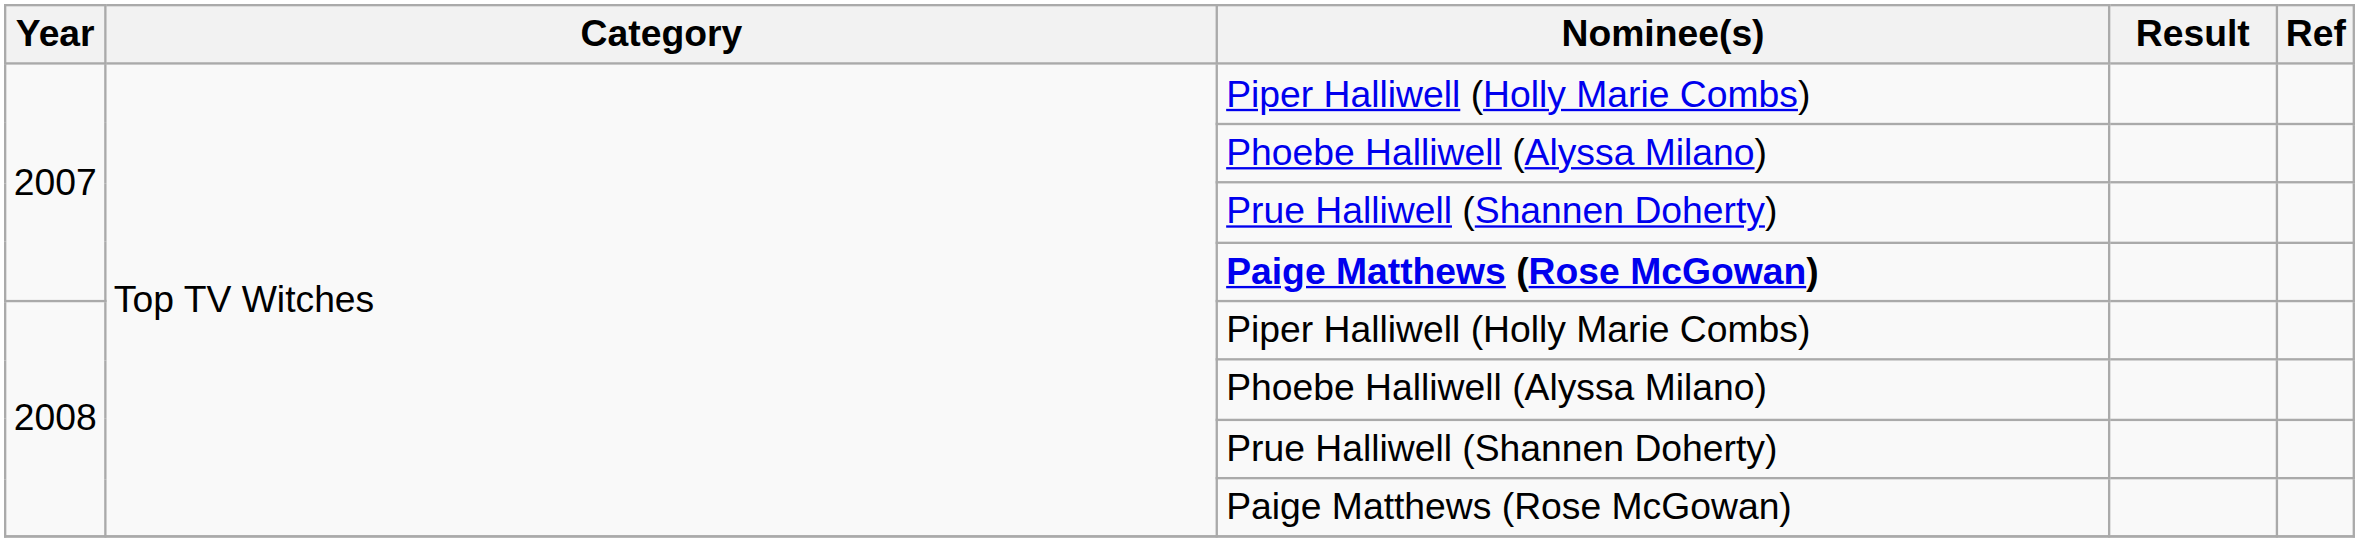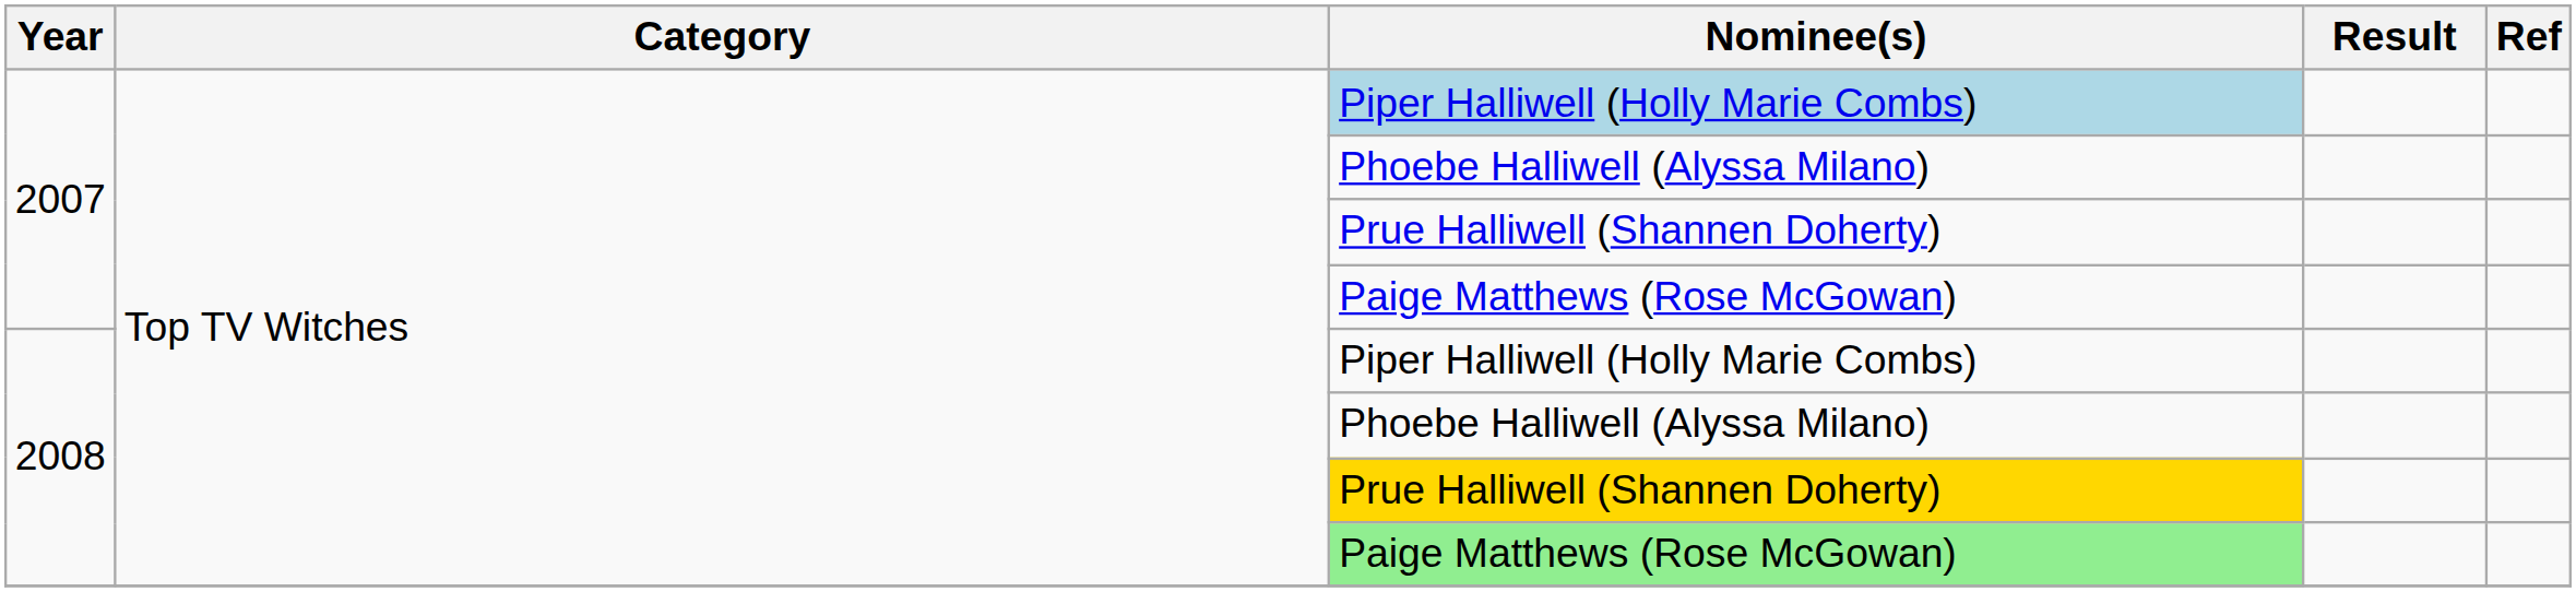 <table class="wikitable">
 <tr>
 <th>Year</th>
 <th width=470>Category</th>
 <th width=375>Nominee(s)</th>
 <th width=65>Result</th>
 <th>Ref</th>
 </tr>
 <tr>
 <td rowspan=4>2007</td>
 <td rowspan=8>Top TV Witches</td>
-<td><a href='#'>Piper Halliwell</a> (<a href='#'>Holly Marie Combs</a>)</td>
+<td style="background: lightblue;"><a href='#'>Piper Halliwell</a> (<a href='#'>Holly Marie Combs</a>)</td>
 <td></td>
 <td></td>
 </tr>
 <tr>
 <td><a href='#'>Phoebe Halliwell</a> (<a href='#'>Alyssa Milano</a>)</td>
 <td></td>
 <td></td>
 </tr>
 <tr>
 <td><a href='#'>Prue Halliwell</a> (<a href='#'>Shannen Doherty</a>)</td>
 <td></td>
 <td></td>
 </tr>
 <tr>
-<td><strong><a href='#'>Paige Matthews</a> (<a href='#'>Rose McGowan</a>)</strong></td>
+<td><a href='#'>Paige Matthews</a> (<a href='#'>Rose McGowan</a>)</td>
 <td></td>
 <td></td>
 </tr>
 <tr>
 <td rowspan=4>2008</td>
 <td>Piper Halliwell (Holly Marie Combs)</td>
 <td></td>
 <td></td>
 </tr>
 <tr>
 <td>Phoebe Halliwell (Alyssa Milano)</td>
 <td></td>
 <td></td>
 </tr>
 <tr>
-<td>Prue Halliwell (Shannen Doherty)</td>
+<td style="background: gold;">Prue Halliwell (Shannen Doherty)</td>
 <td></td>
 <td></td>
 </tr>
 <tr>
-<td>Paige Matthews (Rose McGowan)</td>
+<td style="background: lightgreen;">Paige Matthews (Rose McGowan)</td>
 <td></td>
 <td></td>
 </tr>
 <tr>
 </tr>
 </table>
